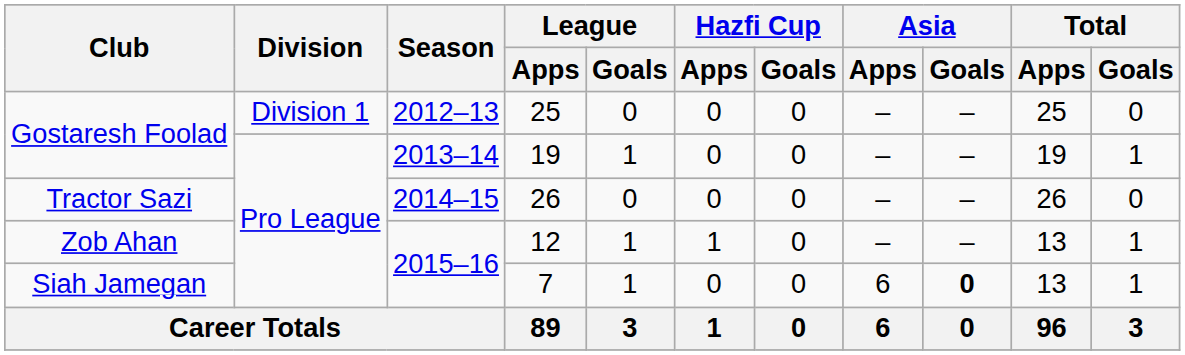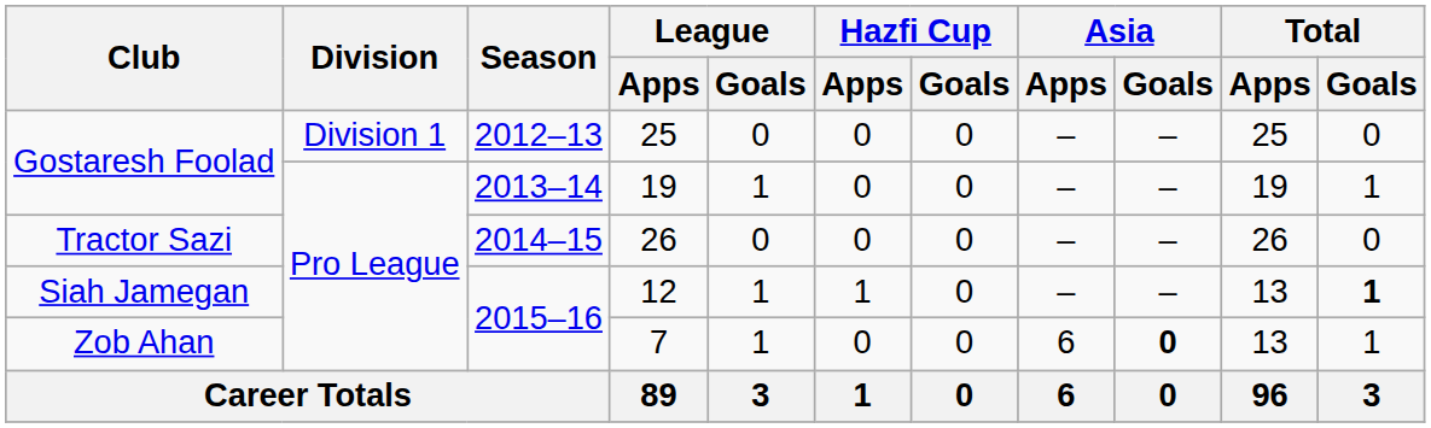 <table class="wikitable" style="text-align: center;">
 <tr>
 <th rowspan="2">Club</th>
 <th rowspan="2">Division</th>
 <th rowspan="2">Season</th>
 <th colspan="2">League</th>
 <th colspan="2"><a href='#'>Hazfi Cup</a></th>
 <th colspan="2"><a href='#'>Asia</a></th>
 <th colspan="2">Total</th>
 </tr>
 <tr>
 <th>Apps</th>
 <th>Goals</th>
 <th>Apps</th>
 <th>Goals</th>
 <th>Apps</th>
 <th>Goals</th>
 <th>Apps</th>
 <th>Goals</th>
 </tr>
 <tr>
 <td rowspan="2"><a href='#'>Gostaresh Foolad</a></td>
 <td rowspan="1"><a href='#'>Division 1</a></td>
 <td><a href='#'>2012–13</a></td>
 <td>25</td>
 <td>0</td>
 <td>0</td>
 <td>0</td>
 <td>–</td>
 <td>–</td>
 <td>25</td>
 <td>0</td>
 </tr>
 <tr>
 <td rowspan="4"><a href='#'>Pro League</a></td>
 <td><a href='#'>2013–14</a></td>
 <td>19</td>
 <td>1</td>
 <td>0</td>
 <td>0</td>
 <td>–</td>
 <td>–</td>
 <td>19</td>
 <td>1</td>
 </tr>
 <tr>
 <td rowspan="1"><a href='#'>Tractor Sazi</a></td>
 <td><a href='#'>2014–15</a></td>
 <td>26</td>
 <td>0</td>
 <td>0</td>
 <td>0</td>
 <td>–</td>
 <td>–</td>
 <td>26</td>
 <td>0</td>
 </tr>
 <tr>
-<td rowspan="1"><a href='#'>Zob Ahan</a></td>
+<td rowspan="1"><a href='#'>Siah Jamegan</a></td>
 <td rowspan="2"><a href='#'>2015–16</a></td>
 <td>12</td>
 <td>1</td>
 <td>1</td>
 <td>0</td>
 <td>–</td>
 <td>–</td>
 <td>13</td>
-<td>1</td>
+<td><strong>1</strong></td>
 </tr>
 <tr>
-<td rowspan="1"><a href='#'>Siah Jamegan</a></td>
+<td rowspan="1"><a href='#'>Zob Ahan</a></td>
 <td>7</td>
 <td>1</td>
 <td>0</td>
 <td>0</td>
 <td>6</td>
 <td><strong>0</strong></td>
 <td>13</td>
 <td>1</td>
 </tr>
 <tr>
 <th colspan=3>Career Totals</th>
 <th>89</th>
 <th>3</th>
 <th>1</th>
 <th>0</th>
 <th>6</th>
 <th>0</th>
 <th>96</th>
 <th>3</th>
 </tr>
 </table>
